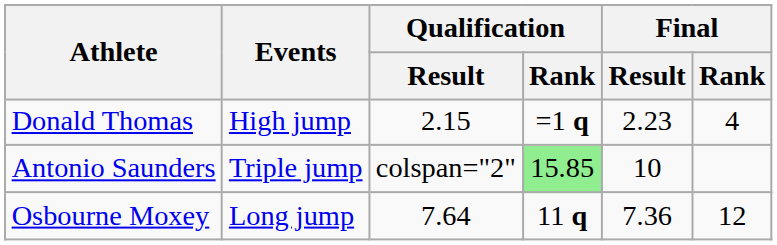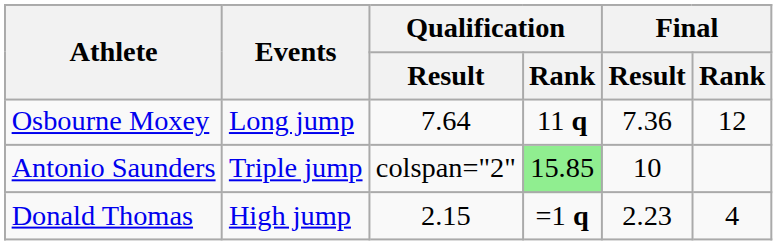 <table class=wikitable style="font-size:90%">
 <tr>
 <th rowspan="2">Athlete</th>
 <th rowspan="2">Events</th>
 <th colspan="2">Qualification</th>
 <th colspan="2">Final</th>
 </tr>
 <tr>
 <th>Result</th>
 <th>Rank</th>
 <th>Result</th>
 <th>Rank</th>
 </tr>
 <tr>
-<td><a href='#'>Donald Thomas</a></td>
-<td><a href='#'>High jump</a></td>
-<td align="center">2.15</td>
-<td align="center">=1 <strong>q</strong></td>
-<td align="center">2.23</td>
-<td align="center">4</td>
+<td><a href='#'>Osbourne Moxey</a></td>
+<td><a href='#'>Long jump</a></td>
+<td align="center">7.64</td>
+<td align="center">11 <strong>q</strong></td>
+<td align="center">7.36</td>
+<td align="center">12</td>
 </tr>
 <tr>
 <td><a href='#'>Antonio Saunders</a></td>
 <td><a href='#'>Triple jump</a></td>
 <td>colspan="2" </td>
 <td align="center" style="background: lightgreen;">15.85</td>
 <td align="center">10</td>
 </tr>
 <tr>
-<td><a href='#'>Osbourne Moxey</a></td>
-<td><a href='#'>Long jump</a></td>
-<td align="center">7.64</td>
-<td align="center">11 <strong>q</strong></td>
-<td align="center">7.36</td>
-<td align="center">12</td>
+<td><a href='#'>Donald Thomas</a></td>
+<td><a href='#'>High jump</a></td>
+<td align="center">2.15</td>
+<td align="center">=1 <strong>q</strong></td>
+<td align="center">2.23</td>
+<td align="center">4</td>
 </tr>
 </table>
